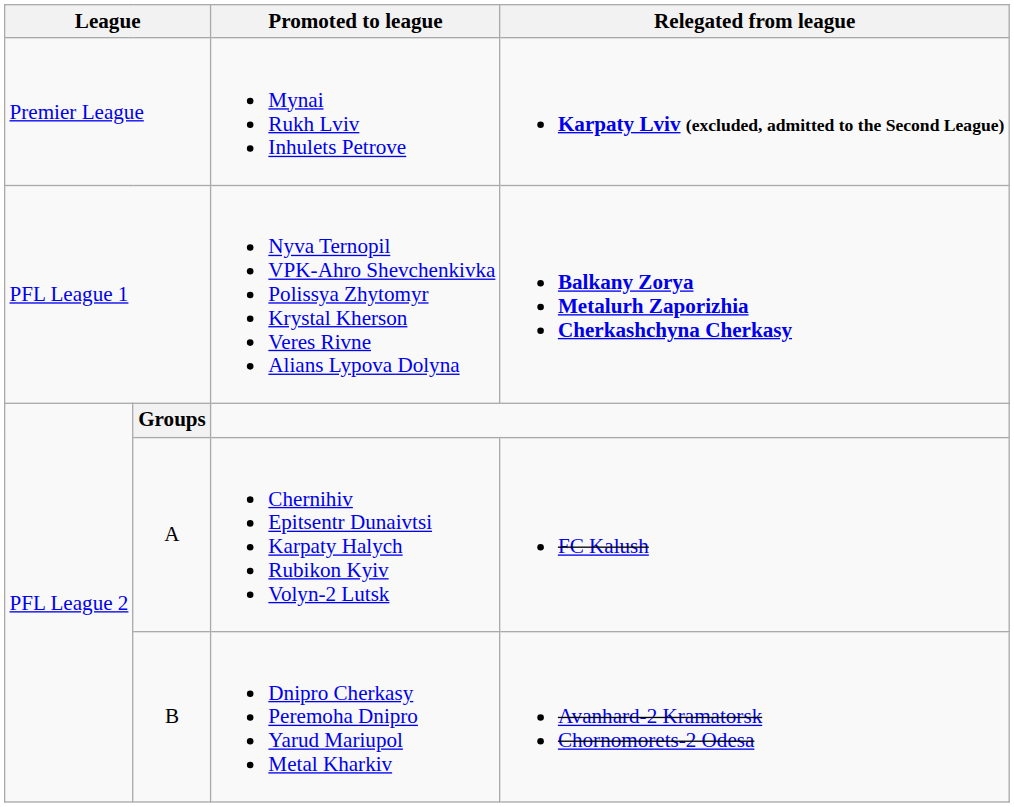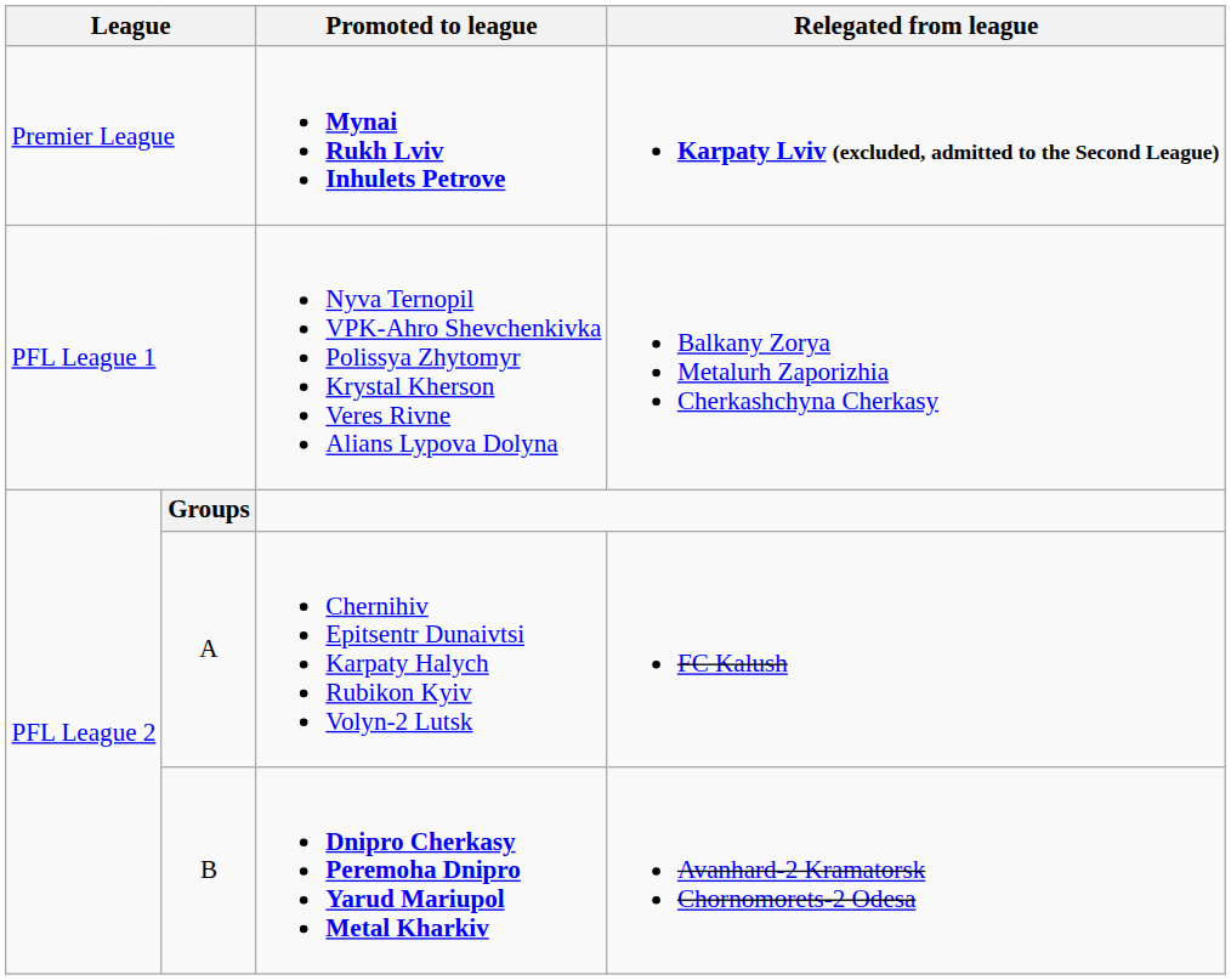 <table class="wikitable">
 <tr>
 <th colspan=2>League</th>
 <th>Promoted to league</th>
 <th>Relegated from league</th>
 </tr>
 <tr>
 <td colspan=2><a href='#'>Premier League</a></td>
-<td><br><ul><li><a href='#'>Mynai</a></li><li><a href='#'>Rukh Lviv</a></li><li><a href='#'>Inhulets Petrove</a></li></ul></td>
+<td><strong><br><ul><li><a href='#'>Mynai</a></li><li><a href='#'>Rukh Lviv</a></li><li><a href='#'>Inhulets Petrove</a></li></ul></strong></td>
 <td><strong><br><ul><li><a href='#'>Karpaty Lviv</a> <small>(excluded, admitted to the Second League)</small></li></ul></strong></td>
 </tr>
 <tr>
 <td colspan=2><a href='#'>PFL League 1</a></td>
 <td><br><ul><li><a href='#'>Nyva Ternopil</a></li><li><a href='#'>VPK-Ahro Shevchenkivka</a></li><li><a href='#'>Polissya Zhytomyr</a></li><li><a href='#'>Krystal Kherson</a></li><li><a href='#'>Veres Rivne</a></li><li><a href='#'>Alians Lypova Dolyna</a></li></ul></td>
-<td><strong><br><ul><li><a href='#'>Balkany Zorya</a></li><li><a href='#'>Metalurh Zaporizhia</a></li><li><a href='#'>Cherkashchyna Cherkasy</a></li></ul></strong></td>
+<td><br><ul><li><a href='#'>Balkany Zorya</a></li><li><a href='#'>Metalurh Zaporizhia</a></li><li><a href='#'>Cherkashchyna Cherkasy</a></li></ul></td>
 </tr>
 <tr>
 <td rowspan=3><a href='#'>PFL League 2</a></td>
 <th>Groups</th>
 <td colspan=2></td>
 </tr>
 <tr>
 <td align=center>A</td>
 <td><br><ul><li><a href='#'>Chernihiv</a></li><li><a href='#'>Epitsentr Dunaivtsi</a></li><li><a href='#'>Karpaty Halych</a></li><li><a href='#'>Rubikon Kyiv</a></li><li><a href='#'>Volyn-2 Lutsk</a></li></ul></td>
 <td><br><ul><li><del><a href='#'>FC Kalush</a></del></li></ul></td>
 </tr>
 <tr>
 <td align=center>B</td>
-<td><br><ul><li><a href='#'>Dnipro Cherkasy</a></li><li><a href='#'>Peremoha Dnipro</a></li><li><a href='#'>Yarud Mariupol</a></li><li><a href='#'>Metal Kharkiv</a></li></ul></td>
+<td><strong><br><ul><li><a href='#'>Dnipro Cherkasy</a></li><li><a href='#'>Peremoha Dnipro</a></li><li><a href='#'>Yarud Mariupol</a></li><li><a href='#'>Metal Kharkiv</a></li></ul></strong></td>
 <td><br><ul><li><del><a href='#'>Avanhard-2 Kramatorsk</a></del></li><li><del><a href='#'>Chornomorets-2 Odesa</a></del></li></ul></td>
 </tr>
 </table>
